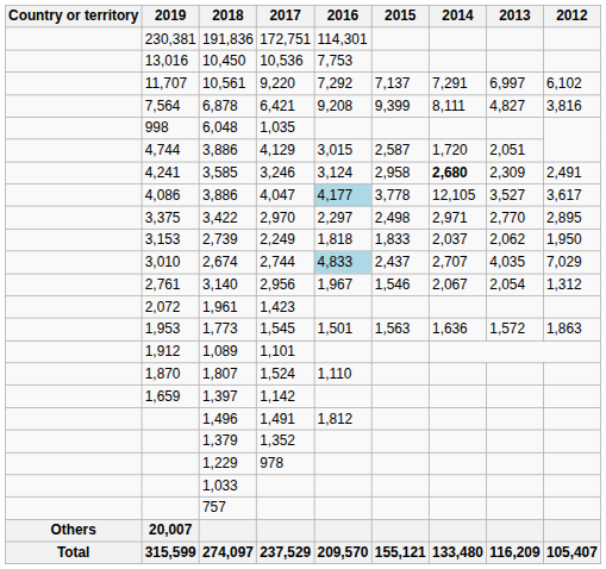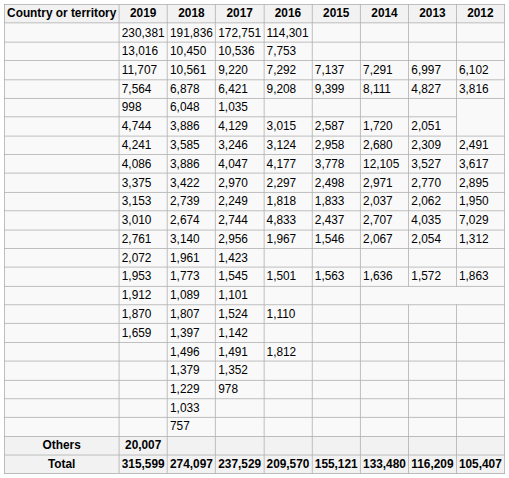 <table class="wikitable sortable static-row-numbers static-row-header-text">
 <tr>
 <th>Country or territory</th>
 <th>2019</th>
 <th>2018</th>
 <th>2017</th>
 <th>2016</th>
 <th>2015</th>
 <th>2014</th>
 <th>2013</th>
 <th>2012</th>
 </tr>
 <tr>
 <td></td>
 <td>230,381</td>
 <td>191,836</td>
 <td>172,751</td>
 <td>114,301</td>
 <td></td>
 <td></td>
 <td></td>
 <td></td>
 </tr>
 <tr>
 <td></td>
 <td>13,016</td>
 <td>10,450</td>
 <td>10,536</td>
 <td>7,753</td>
 <td></td>
 <td></td>
 <td></td>
 <td></td>
 </tr>
 <tr>
 <td></td>
 <td>11,707</td>
 <td>10,561</td>
 <td>9,220</td>
 <td>7,292</td>
 <td>7,137</td>
 <td>7,291</td>
 <td>6,997</td>
 <td>6,102</td>
 </tr>
 <tr>
 <td></td>
 <td>7,564</td>
 <td>6,878</td>
 <td>6,421</td>
 <td>9,208</td>
 <td>9,399</td>
 <td>8,111</td>
 <td>4,827</td>
 <td>3,816</td>
 </tr>
 <tr>
 <td></td>
 <td>998</td>
 <td>6,048</td>
 <td>1,035</td>
 <td></td>
 <td></td>
 <td></td>
 <td></td>
 </tr>
 <tr>
 <td></td>
 <td>4,744</td>
 <td>3,886</td>
 <td>4,129</td>
 <td>3,015</td>
 <td>2,587</td>
 <td>1,720</td>
 <td>2,051</td>
 </tr>
 <tr>
 <td></td>
 <td>4,241</td>
 <td>3,585</td>
 <td>3,246</td>
 <td>3,124</td>
 <td>2,958</td>
-<td><strong>2,680</strong></td>
+<td>2,680</td>
 <td>2,309</td>
 <td>2,491</td>
 </tr>
 <tr>
 <td></td>
 <td>4,086</td>
 <td>3,886</td>
 <td>4,047</td>
-<td style="background: lightblue;">4,177</td>
+<td>4,177</td>
 <td>3,778</td>
 <td>12,105</td>
 <td>3,527</td>
 <td>3,617</td>
 </tr>
 <tr>
 <td></td>
 <td>3,375</td>
 <td>3,422</td>
 <td>2,970</td>
 <td>2,297</td>
 <td>2,498</td>
 <td>2,971</td>
 <td>2,770</td>
 <td>2,895</td>
 </tr>
 <tr>
 <td></td>
 <td>3,153</td>
 <td>2,739</td>
 <td>2,249</td>
 <td>1,818</td>
 <td>1,833</td>
 <td>2,037</td>
 <td>2,062</td>
 <td>1,950</td>
 </tr>
 <tr>
 <td></td>
 <td>3,010</td>
 <td>2,674</td>
 <td>2,744</td>
-<td style="background: lightblue;">4,833</td>
+<td>4,833</td>
 <td>2,437</td>
 <td>2,707</td>
 <td>4,035</td>
 <td>7,029</td>
 </tr>
 <tr>
 <td></td>
 <td>2,761</td>
 <td>3,140</td>
 <td>2,956</td>
 <td>1,967</td>
 <td>1,546</td>
 <td>2,067</td>
 <td>2,054</td>
 <td>1,312</td>
 </tr>
 <tr>
 <td></td>
 <td>2,072</td>
 <td>1,961</td>
 <td>1,423</td>
 <td></td>
 <td></td>
 <td></td>
 <td></td>
 <td></td>
 </tr>
 <tr>
 <td></td>
 <td>1,953</td>
 <td>1,773</td>
 <td>1,545</td>
 <td>1,501</td>
 <td>1,563</td>
 <td>1,636</td>
 <td>1,572</td>
 <td>1,863</td>
 </tr>
 <tr>
 <td></td>
 <td>1,912</td>
 <td>1,089</td>
 <td>1,101</td>
 <td></td>
 <td></td>
 </tr>
 <tr>
 <td></td>
 <td>1,870</td>
 <td>1,807</td>
 <td>1,524</td>
 <td>1,110</td>
 <td></td>
 <td></td>
 <td></td>
 <td></td>
 </tr>
 <tr>
 <td></td>
 <td>1,659</td>
 <td>1,397</td>
 <td>1,142</td>
 <td></td>
 <td></td>
 <td></td>
 <td></td>
 <td></td>
 </tr>
 <tr>
 <td></td>
 <td></td>
 <td>1,496</td>
 <td>1,491</td>
 <td>1,812</td>
 <td></td>
 <td></td>
 <td></td>
 <td></td>
 </tr>
 <tr>
 <td></td>
 <td></td>
 <td>1,379</td>
 <td>1,352</td>
 <td></td>
 <td></td>
 <td></td>
 <td></td>
 <td></td>
 </tr>
 <tr>
 <td></td>
 <td></td>
 <td>1,229</td>
 <td>978</td>
 <td></td>
 <td></td>
 <td></td>
 <td></td>
 <td></td>
 </tr>
 <tr>
 <td></td>
 <td></td>
 <td>1,033</td>
 <td></td>
 <td></td>
 <td></td>
 <td></td>
 <td></td>
 <td></td>
 </tr>
 <tr>
 <td></td>
 <td></td>
 <td>757</td>
 <td></td>
 <td></td>
 <td></td>
 <td></td>
 <td></td>
 <td></td>
 </tr>
 <tr>
 <th>Others</th>
 <th>20,007</th>
 <th></th>
 <th></th>
 <th></th>
 <th></th>
 <th></th>
 <th></th>
 <th></th>
 </tr>
 <tr>
 <th><strong>Total</strong></th>
 <th>315,599</th>
 <th>274,097</th>
 <th>237,529</th>
 <th>209,570</th>
 <th>155,121</th>
 <th>133,480</th>
 <th>116,209</th>
 <th>105,407</th>
 </tr>
 </table>
